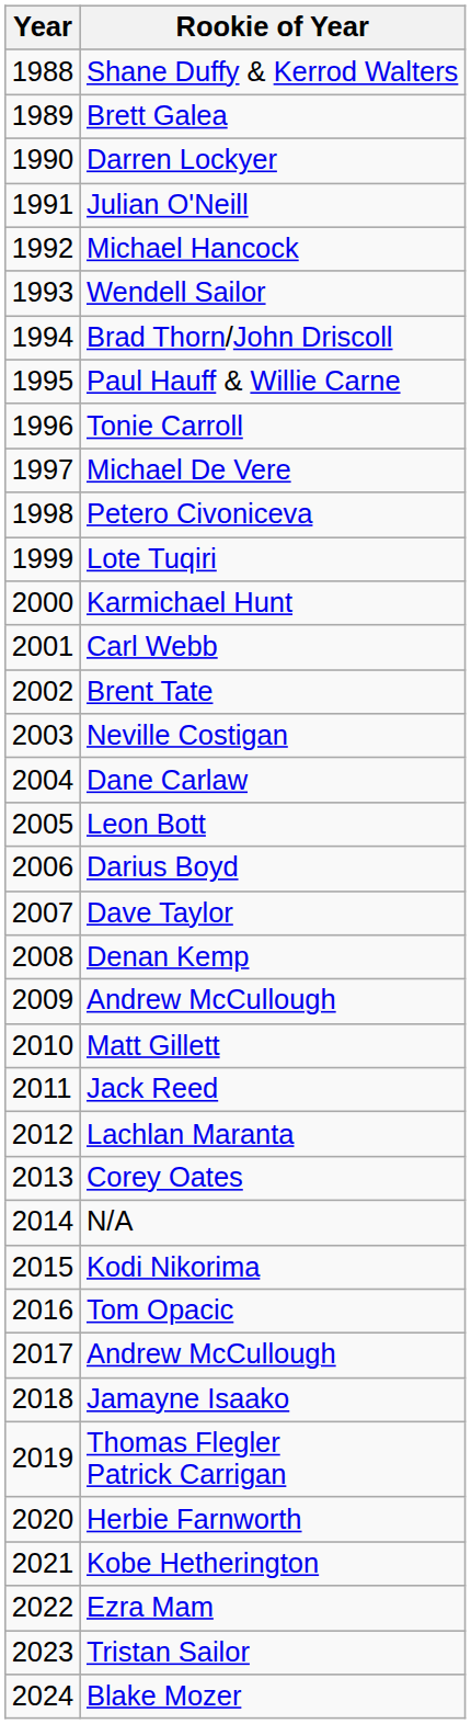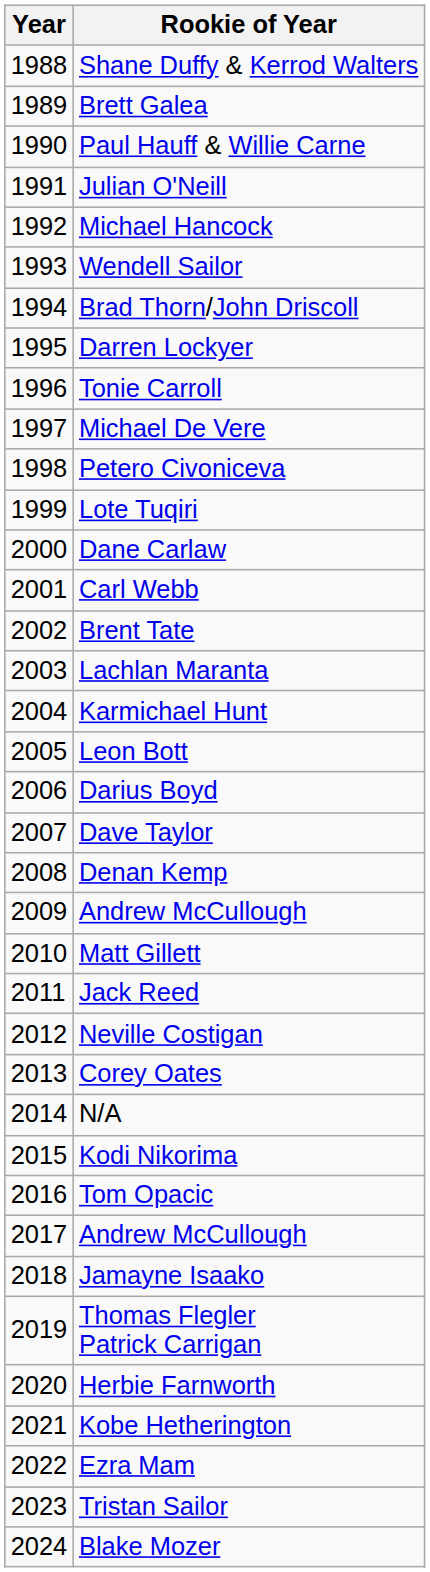 <table class="wikitable" align=left>
 <tr>
 <th>Year</th>
 <th>Rookie of Year</th>
 </tr>
 <tr>
 <td>1988</td>
 <td><a href='#'>Shane Duffy</a> & <a href='#'>Kerrod Walters</a></td>
 </tr>
 <tr>
 <td>1989</td>
 <td><a href='#'>Brett Galea</a></td>
 </tr>
 <tr>
 <td>1990</td>
-<td><a href='#'>Darren Lockyer</a></td>
+<td><a href='#'>Paul Hauff</a> & <a href='#'>Willie Carne</a></td>
 </tr>
 <tr>
 <td>1991</td>
 <td><a href='#'>Julian O'Neill</a></td>
 </tr>
 <tr>
 <td>1992</td>
 <td><a href='#'>Michael Hancock</a></td>
 </tr>
 <tr>
 <td>1993</td>
 <td><a href='#'>Wendell Sailor</a></td>
 </tr>
 <tr>
 <td>1994</td>
 <td><a href='#'>Brad Thorn</a>/<a href='#'>John Driscoll</a></td>
 </tr>
 <tr>
 <td>1995</td>
-<td><a href='#'>Paul Hauff</a> & <a href='#'>Willie Carne</a></td>
+<td><a href='#'>Darren Lockyer</a></td>
 </tr>
 <tr>
 <td>1996</td>
 <td><a href='#'>Tonie Carroll</a></td>
 </tr>
 <tr>
 <td>1997</td>
 <td><a href='#'>Michael De Vere</a></td>
 </tr>
 <tr>
 <td>1998</td>
 <td><a href='#'>Petero Civoniceva</a></td>
 </tr>
 <tr>
 <td>1999</td>
 <td><a href='#'>Lote Tuqiri</a></td>
 </tr>
 <tr>
 <td>2000</td>
-<td><a href='#'>Karmichael Hunt</a></td>
+<td><a href='#'>Dane Carlaw</a></td>
 </tr>
 <tr>
 <td>2001</td>
 <td><a href='#'>Carl Webb</a></td>
 </tr>
 <tr>
 <td>2002</td>
 <td><a href='#'>Brent Tate</a></td>
 </tr>
 <tr>
 <td>2003</td>
-<td><a href='#'>Neville Costigan</a></td>
+<td><a href='#'>Lachlan Maranta</a></td>
 </tr>
 <tr>
 <td>2004</td>
-<td><a href='#'>Dane Carlaw</a></td>
+<td><a href='#'>Karmichael Hunt</a></td>
 </tr>
 <tr>
 <td>2005</td>
 <td><a href='#'>Leon Bott</a></td>
 </tr>
 <tr>
 <td>2006</td>
 <td><a href='#'>Darius Boyd</a></td>
 </tr>
 <tr>
 <td>2007</td>
 <td><a href='#'>Dave Taylor</a></td>
 </tr>
 <tr>
 <td>2008</td>
 <td><a href='#'>Denan Kemp</a></td>
 </tr>
 <tr>
 <td>2009</td>
 <td><a href='#'>Andrew McCullough</a></td>
 </tr>
 <tr>
 <td>2010</td>
 <td><a href='#'>Matt Gillett</a></td>
 </tr>
 <tr>
 <td>2011</td>
 <td><a href='#'>Jack Reed</a></td>
 </tr>
 <tr>
 <td>2012</td>
-<td><a href='#'>Lachlan Maranta</a></td>
+<td><a href='#'>Neville Costigan</a></td>
 </tr>
 <tr>
 <td>2013</td>
 <td><a href='#'>Corey Oates</a></td>
 </tr>
 <tr>
 <td>2014</td>
 <td>N/A</td>
 </tr>
 <tr>
 <td>2015</td>
 <td><a href='#'>Kodi Nikorima</a></td>
 </tr>
 <tr>
 <td>2016</td>
 <td><a href='#'>Tom Opacic</a></td>
 </tr>
 <tr>
 <td>2017</td>
 <td><a href='#'>Andrew McCullough</a></td>
 </tr>
 <tr>
 <td>2018</td>
 <td><a href='#'>Jamayne Isaako</a></td>
 </tr>
 <tr>
 <td>2019</td>
 <td><a href='#'>Thomas Flegler</a><br><a href='#'>Patrick Carrigan</a></td>
 </tr>
 <tr>
 <td>2020</td>
 <td><a href='#'>Herbie Farnworth</a></td>
 </tr>
 <tr>
 <td>2021</td>
 <td><a href='#'>Kobe Hetherington</a></td>
 </tr>
 <tr>
 <td>2022</td>
 <td><a href='#'>Ezra Mam</a></td>
 </tr>
 <tr>
 <td>2023</td>
 <td><a href='#'>Tristan Sailor</a></td>
 </tr>
 <tr>
 <td>2024</td>
 <td><a href='#'>Blake Mozer</a></td>
 </tr>
 </table>
